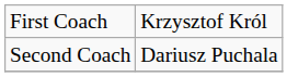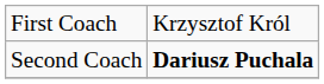 <table class="wikitable">
 <tr>
 <td>First Coach</td>
 <td> Krzysztof Król</td>
 </tr>
 <tr>
 <td>Second Coach</td>
-<td> Dariusz Puchala</td>
+<td><strong> Dariusz Puchala</strong></td>
 </tr>
 <tr>
 </tr>
 </table>
